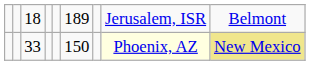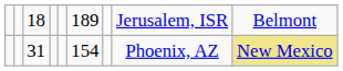 <table class="wikitable sortable"  style="text-align:center; font-size:90%; ">
 <tr>
 <td></td>
 <td></td>
 <td>18</td>
 <td></td>
 <td></td>
 <td>189</td>
 <td></td>
 <td><a href='#'>Jerusalem, ISR</a></td>
 <td><a href='#'>Belmont</a></td>
 </tr>
 <tr>
 <td></td>
 <td></td>
-<td>33</td>
+<td>31</td>
 <td></td>
 <td></td>
-<td>150</td>
+<td>154</td>
 <td></td>
-<td style="background: lightyellow;"><a href='#'>Phoenix, AZ</a></td>
+<td><a href='#'>Phoenix, AZ</a></td>
 <td style="background: khaki;"><a href='#'>New Mexico</a></td>
 </tr>
 </table>
